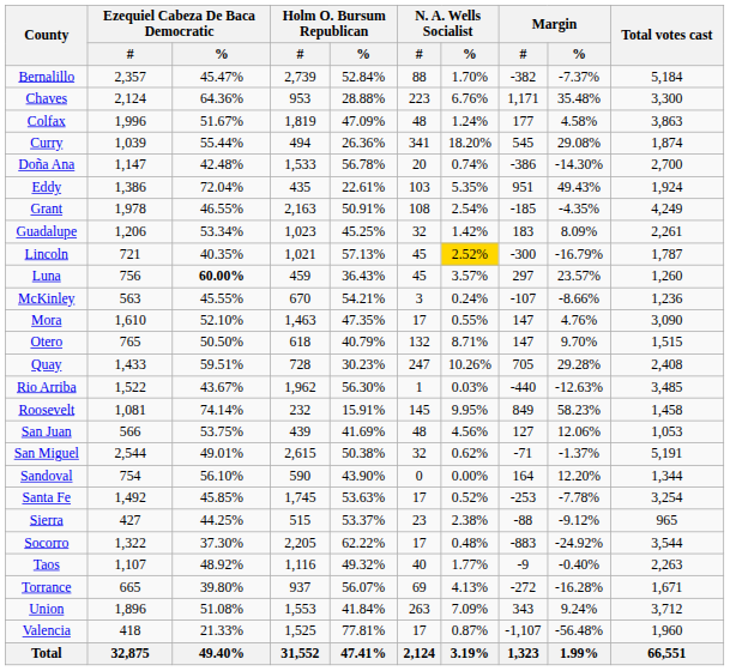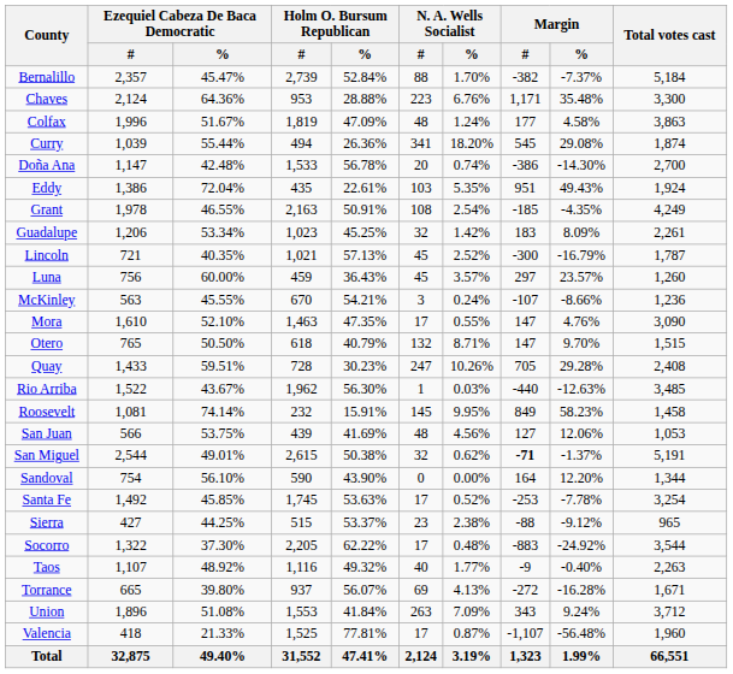 <table width="65%" class="wikitable sortable" style="text-align:center">
 <tr>
 <th style="text-align:center;" rowspan="2">County</th>
 <th style="text-align:center;" colspan="2">Ezequiel Cabeza De Baca<br>Democratic</th>
 <th style="text-align:center;" colspan="2">Holm O. Bursum<br>Republican</th>
 <th style="text-align:center;" colspan="2">N. A. Wells<br>Socialist</th>
 <th style="text-align:center;" colspan="2">Margin</th>
 <th style="text-align:center;" rowspan="2">Total votes cast</th>
 </tr>
 <tr>
 <th style="text-align:center;" data-sort-type="number">#</th>
 <th style="text-align:center;" data-sort-type="number">%</th>
 <th style="text-align:center;" data-sort-type="number">#</th>
 <th style="text-align:center;" data-sort-type="number">%</th>
 <th style="text-align:center;" data-sort-type="number">#</th>
 <th style="text-align:center;" data-sort-type="number">%</th>
 <th style="text-align:center;" data-sort-type="number">#</th>
 <th style="text-align:center;" data-sort-type="number">%</th>
 </tr>
 <tr style="text-align:center;">
 <td><a href='#'>Bernalillo</a></td>
 <td>2,357</td>
 <td>45.47%</td>
 <td>2,739</td>
 <td>52.84%</td>
 <td>88</td>
 <td>1.70%</td>
 <td>-382</td>
 <td>-7.37%</td>
 <td>5,184</td>
 </tr>
 <tr style="text-align:center;">
 <td><a href='#'>Chaves</a></td>
 <td>2,124</td>
 <td>64.36%</td>
 <td>953</td>
 <td>28.88%</td>
 <td>223</td>
 <td>6.76%</td>
 <td>1,171</td>
 <td>35.48%</td>
 <td>3,300</td>
 </tr>
 <tr style="text-align:center;">
 <td><a href='#'>Colfax</a></td>
 <td>1,996</td>
 <td>51.67%</td>
 <td>1,819</td>
 <td>47.09%</td>
 <td>48</td>
 <td>1.24%</td>
 <td>177</td>
 <td>4.58%</td>
 <td>3,863</td>
 </tr>
 <tr style="text-align:center;">
 <td><a href='#'>Curry</a></td>
 <td>1,039</td>
 <td>55.44%</td>
 <td>494</td>
 <td>26.36%</td>
 <td>341</td>
 <td>18.20%</td>
 <td>545</td>
 <td>29.08%</td>
 <td>1,874</td>
 </tr>
 <tr style="text-align:center;">
 <td><a href='#'>Doña Ana</a></td>
 <td>1,147</td>
 <td>42.48%</td>
 <td>1,533</td>
 <td>56.78%</td>
 <td>20</td>
 <td>0.74%</td>
 <td>-386</td>
 <td>-14.30%</td>
 <td>2,700</td>
 </tr>
 <tr style="text-align:center;">
 <td><a href='#'>Eddy</a></td>
 <td>1,386</td>
 <td>72.04%</td>
 <td>435</td>
 <td>22.61%</td>
 <td>103</td>
 <td>5.35%</td>
 <td>951</td>
 <td>49.43%</td>
 <td>1,924</td>
 </tr>
 <tr style="text-align:center;">
 <td><a href='#'>Grant</a></td>
 <td>1,978</td>
 <td>46.55%</td>
 <td>2,163</td>
 <td>50.91%</td>
 <td>108</td>
 <td>2.54%</td>
 <td>-185</td>
 <td>-4.35%</td>
 <td>4,249</td>
 </tr>
 <tr style="text-align:center;">
 <td><a href='#'>Guadalupe</a></td>
 <td>1,206</td>
 <td>53.34%</td>
 <td>1,023</td>
 <td>45.25%</td>
 <td>32</td>
 <td>1.42%</td>
 <td>183</td>
 <td>8.09%</td>
 <td>2,261</td>
 </tr>
 <tr style="text-align:center;">
 <td><a href='#'>Lincoln</a></td>
 <td>721</td>
 <td>40.35%</td>
 <td>1,021</td>
 <td>57.13%</td>
 <td>45</td>
-<td style="background: gold;">2.52%</td>
+<td>2.52%</td>
 <td>-300</td>
 <td>-16.79%</td>
 <td>1,787</td>
 </tr>
 <tr style="text-align:center;">
 <td><a href='#'>Luna</a></td>
 <td>756</td>
-<td><strong>60.00%</strong></td>
+<td>60.00%</td>
 <td>459</td>
 <td>36.43%</td>
 <td>45</td>
 <td>3.57%</td>
 <td>297</td>
 <td>23.57%</td>
 <td>1,260</td>
 </tr>
 <tr style="text-align:center;">
 <td><a href='#'>McKinley</a></td>
 <td>563</td>
 <td>45.55%</td>
 <td>670</td>
 <td>54.21%</td>
 <td>3</td>
 <td>0.24%</td>
 <td>-107</td>
 <td>-8.66%</td>
 <td>1,236</td>
 </tr>
 <tr style="text-align:center;">
 <td><a href='#'>Mora</a></td>
 <td>1,610</td>
 <td>52.10%</td>
 <td>1,463</td>
 <td>47.35%</td>
 <td>17</td>
 <td>0.55%</td>
 <td>147</td>
 <td>4.76%</td>
 <td>3,090</td>
 </tr>
 <tr style="text-align:center;">
 <td><a href='#'>Otero</a></td>
 <td>765</td>
 <td>50.50%</td>
 <td>618</td>
 <td>40.79%</td>
 <td>132</td>
 <td>8.71%</td>
 <td>147</td>
 <td>9.70%</td>
 <td>1,515</td>
 </tr>
 <tr style="text-align:center;">
 <td><a href='#'>Quay</a></td>
 <td>1,433</td>
 <td>59.51%</td>
 <td>728</td>
 <td>30.23%</td>
 <td>247</td>
 <td>10.26%</td>
 <td>705</td>
 <td>29.28%</td>
 <td>2,408</td>
 </tr>
 <tr style="text-align:center;">
 <td><a href='#'>Rio Arriba</a></td>
 <td>1,522</td>
 <td>43.67%</td>
 <td>1,962</td>
 <td>56.30%</td>
 <td>1</td>
 <td>0.03%</td>
 <td>-440</td>
 <td>-12.63%</td>
 <td>3,485</td>
 </tr>
 <tr style="text-align:center;">
 <td><a href='#'>Roosevelt</a></td>
 <td>1,081</td>
 <td>74.14%</td>
 <td>232</td>
 <td>15.91%</td>
 <td>145</td>
 <td>9.95%</td>
 <td>849</td>
 <td>58.23%</td>
 <td>1,458</td>
 </tr>
 <tr style="text-align:center;">
 <td><a href='#'>San Juan</a></td>
 <td>566</td>
 <td>53.75%</td>
 <td>439</td>
 <td>41.69%</td>
 <td>48</td>
 <td>4.56%</td>
 <td>127</td>
 <td>12.06%</td>
 <td>1,053</td>
 </tr>
 <tr style="text-align:center;">
 <td><a href='#'>San Miguel</a></td>
 <td>2,544</td>
 <td>49.01%</td>
 <td>2,615</td>
 <td>50.38%</td>
 <td>32</td>
 <td>0.62%</td>
-<td>-71</td>
+<td><strong>-71</strong></td>
 <td>-1.37%</td>
 <td>5,191</td>
 </tr>
 <tr style="text-align:center;">
 <td><a href='#'>Sandoval</a></td>
 <td>754</td>
 <td>56.10%</td>
 <td>590</td>
 <td>43.90%</td>
 <td>0</td>
 <td>0.00%</td>
 <td>164</td>
 <td>12.20%</td>
 <td>1,344</td>
 </tr>
 <tr style="text-align:center;">
 <td><a href='#'>Santa Fe</a></td>
 <td>1,492</td>
 <td>45.85%</td>
 <td>1,745</td>
 <td>53.63%</td>
 <td>17</td>
 <td>0.52%</td>
 <td>-253</td>
 <td>-7.78%</td>
 <td>3,254</td>
 </tr>
 <tr style="text-align:center;">
 <td><a href='#'>Sierra</a></td>
 <td>427</td>
 <td>44.25%</td>
 <td>515</td>
 <td>53.37%</td>
 <td>23</td>
 <td>2.38%</td>
 <td>-88</td>
 <td>-9.12%</td>
 <td>965</td>
 </tr>
 <tr style="text-align:center;">
 <td><a href='#'>Socorro</a></td>
 <td>1,322</td>
 <td>37.30%</td>
 <td>2,205</td>
 <td>62.22%</td>
 <td>17</td>
 <td>0.48%</td>
 <td>-883</td>
 <td>-24.92%</td>
 <td>3,544</td>
 </tr>
 <tr style="text-align:center;">
 <td><a href='#'>Taos</a></td>
 <td>1,107</td>
 <td>48.92%</td>
 <td>1,116</td>
 <td>49.32%</td>
 <td>40</td>
 <td>1.77%</td>
 <td>-9</td>
 <td>-0.40%</td>
 <td>2,263</td>
 </tr>
 <tr style="text-align:center;">
 <td><a href='#'>Torrance</a></td>
 <td>665</td>
 <td>39.80%</td>
 <td>937</td>
 <td>56.07%</td>
 <td>69</td>
 <td>4.13%</td>
 <td>-272</td>
 <td>-16.28%</td>
 <td>1,671</td>
 </tr>
 <tr style="text-align:center;">
 <td><a href='#'>Union</a></td>
 <td>1,896</td>
 <td>51.08%</td>
 <td>1,553</td>
 <td>41.84%</td>
 <td>263</td>
 <td>7.09%</td>
 <td>343</td>
 <td>9.24%</td>
 <td>3,712</td>
 </tr>
 <tr style="text-align:center;">
 <td><a href='#'>Valencia</a></td>
 <td>418</td>
 <td>21.33%</td>
 <td>1,525</td>
 <td>77.81%</td>
 <td>17</td>
 <td>0.87%</td>
 <td>-1,107</td>
 <td>-56.48%</td>
 <td>1,960</td>
 </tr>
 <tr style="text-align:center;">
 <th>Total</th>
 <th>32,875</th>
 <th>49.40%</th>
 <th>31,552</th>
 <th>47.41%</th>
 <th>2,124</th>
 <th>3.19%</th>
 <th>1,323</th>
 <th>1.99%</th>
 <th>66,551</th>
 </tr>
 </table>
